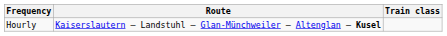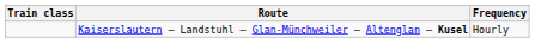 <table class="wikitable">
 <tr class="hintergrundfarbe6">
+<th>Train class</th>
+<th>Route</th>
 <th>Frequency</th>
-<th>Route</th>
-<th>Train class</th>
 </tr>
 <tr>
+<td></td>
+<td><a href='#'>Kaiserslautern</a> – Landstuhl – <a href='#'>Glan-Münchweiler</a> – <a href='#'>Altenglan</a> – <strong>Kusel</strong></td>
 <td>Hourly</td>
-<td><a href='#'>Kaiserslautern</a> – Landstuhl – <a href='#'>Glan-Münchweiler</a> – <a href='#'>Altenglan</a> – <strong>Kusel</strong></td>
-<td></td>
 </tr>
 </table>
